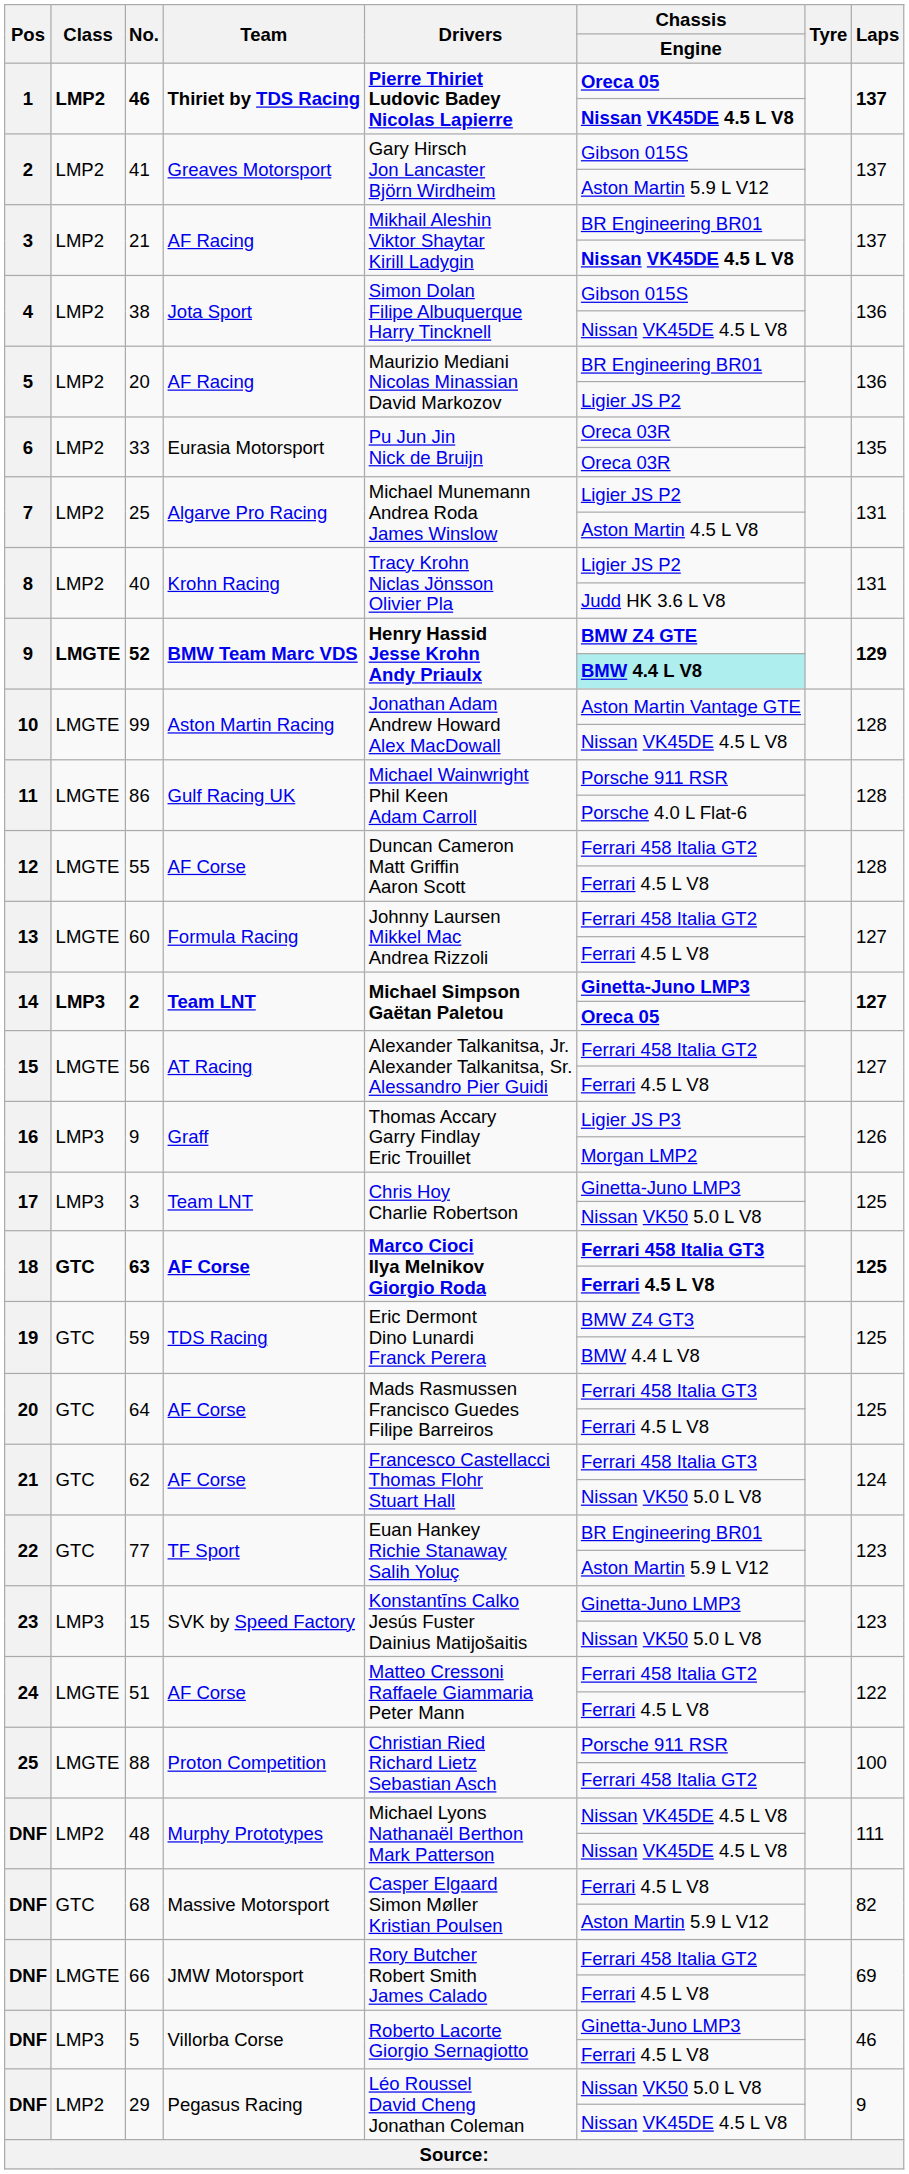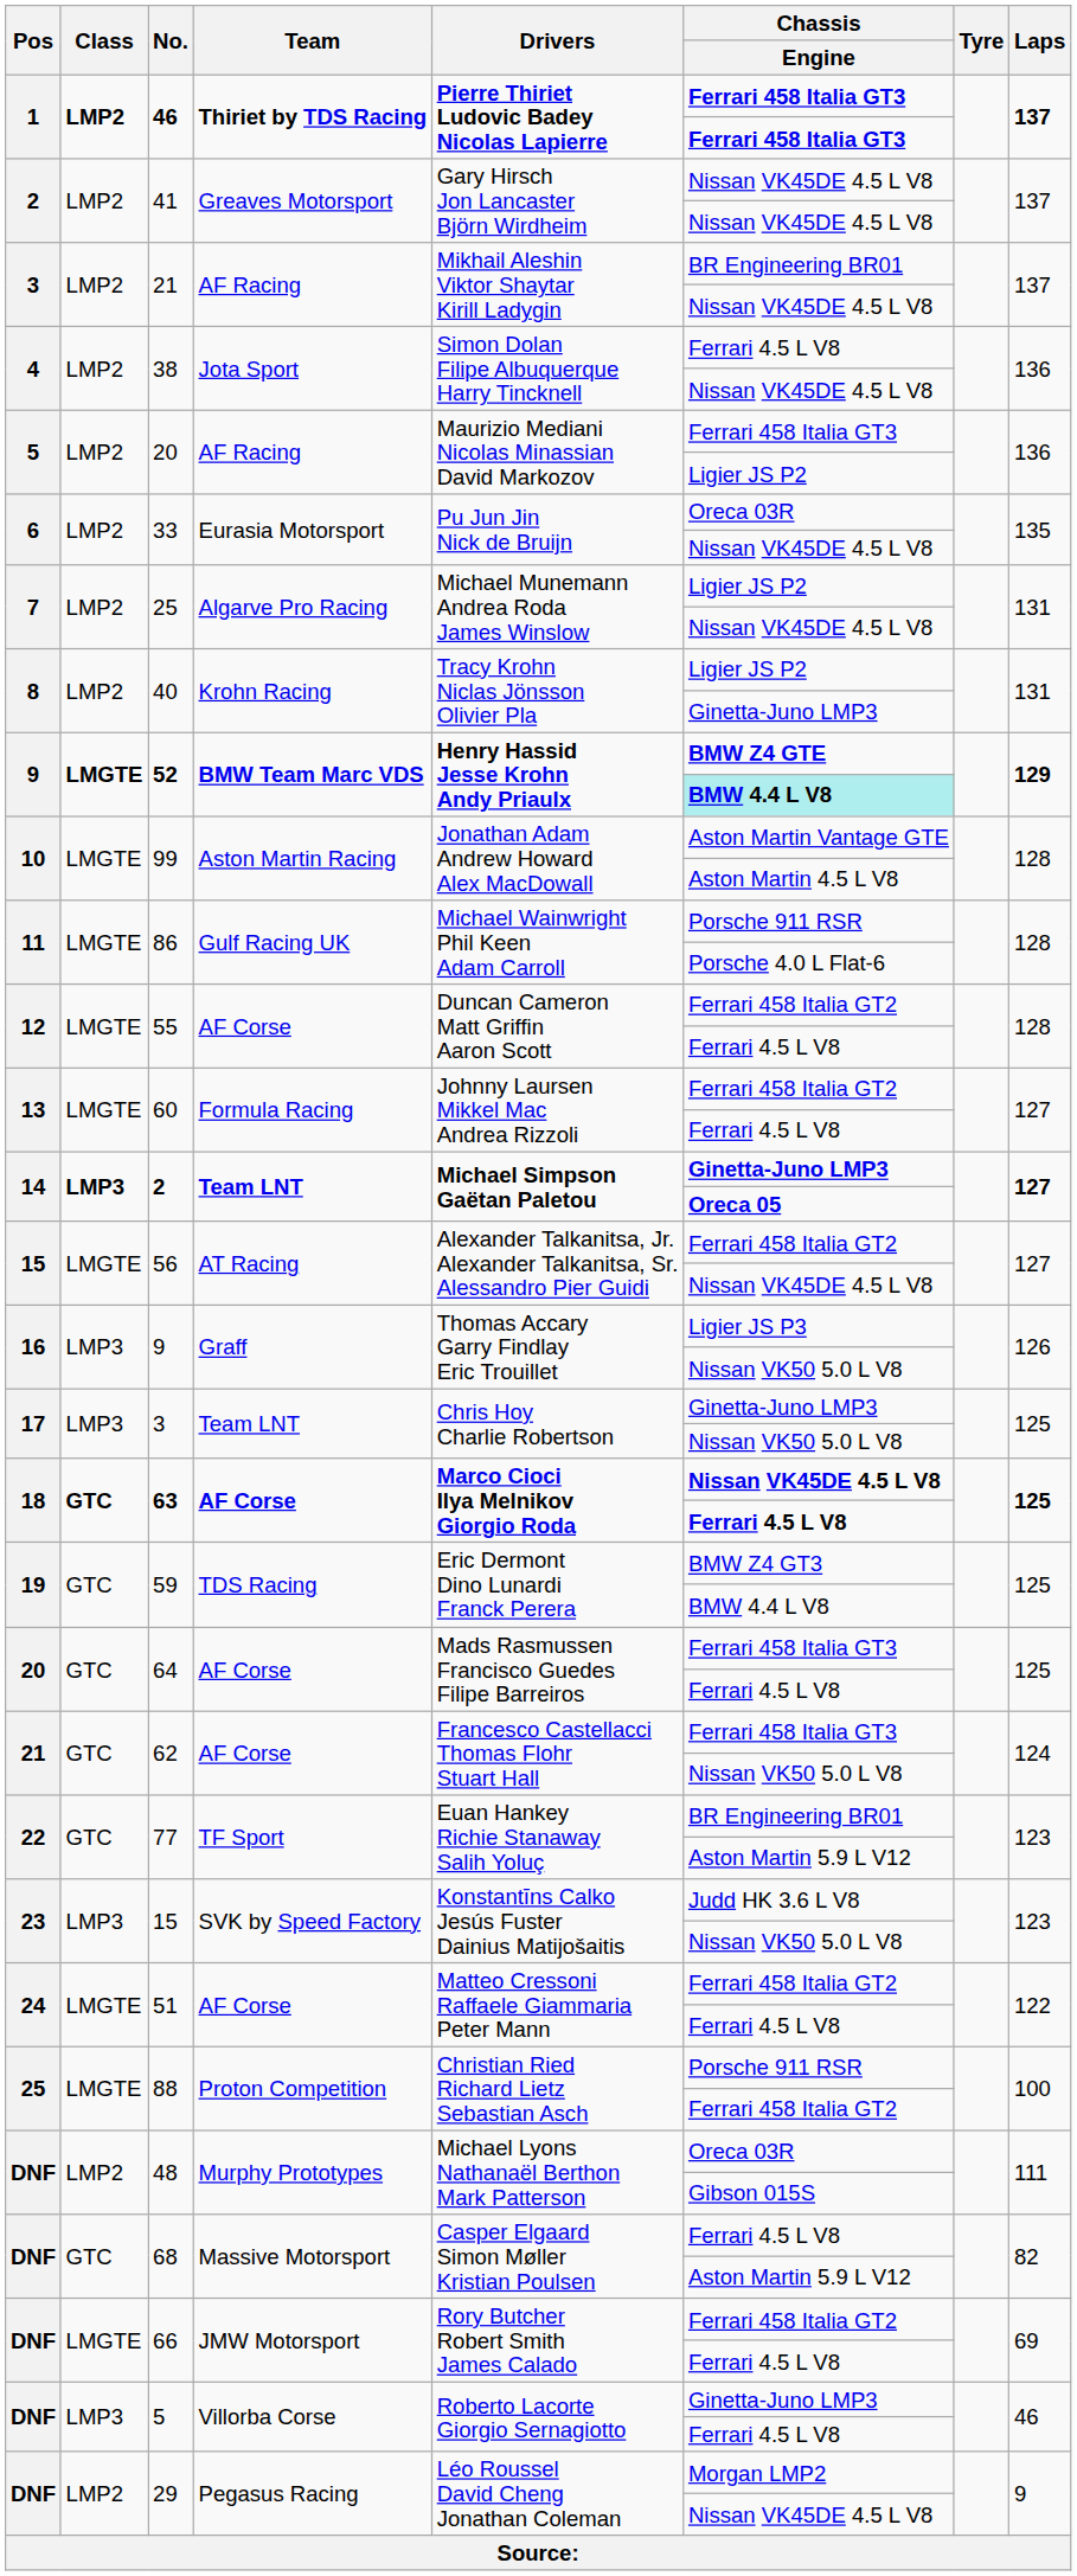 <table class="wikitable" style="font-size: 95%;">
 <tr>
 <th rowspan=2>Pos</th>
 <th rowspan=2>Class</th>
 <th rowspan=2>No.</th>
 <th rowspan=2>Team</th>
 <th rowspan=2>Drivers</th>
 <th>Chassis</th>
 <th rowspan=2>Tyre</th>
 <th rowspan=2>Laps</th>
 </tr>
 <tr>
 <th>Engine</th>
 </tr>
 <tr>
 <th rowspan=2>1</th>
 <td rowspan=2><strong>LMP2</strong></td>
 <td rowspan=2><strong>46</strong></td>
 <td rowspan=2><strong> Thiriet by <a href='#'>TDS Racing</a></strong></td>
 <td rowspan=2><strong> <a href='#'>Pierre Thiriet</a><br> Ludovic Badey<br> <a href='#'>Nicolas Lapierre</a></strong></td>
-<td><a href='#'><strong>Oreca 05</strong></a></td>
+<td><a href='#'><strong>Ferrari 458 Italia GT3</strong></a></td>
 <td rowspan=2></td>
 <td rowspan=2><strong>137</strong></td>
 </tr>
 <tr>
-<td><strong><a href='#'>Nissan</a> <a href='#'>VK45DE</a> 4.5 L V8</strong></td>
+<td><a href='#'><strong>Ferrari 458 Italia GT3</strong></a></td>
 </tr>
 <tr>
 <th rowspan=2>2</th>
 <td rowspan=2>LMP2</td>
 <td rowspan=2>41</td>
 <td rowspan=2> <a href='#'>Greaves Motorsport</a></td>
 <td rowspan=2> Gary Hirsch<br> <a href='#'>Jon Lancaster</a><br> <a href='#'>Björn Wirdheim</a></td>
-<td><a href='#'>Gibson 015S</a></td>
+<td><a href='#'>Nissan</a> <a href='#'>VK45DE</a> 4.5 L V8</td>
 <td rowspan=2></td>
 <td rowspan=2>137</td>
 </tr>
 <tr>
-<td><a href='#'>Aston Martin</a> 5.9 L V12</td>
+<td><a href='#'>Nissan</a> <a href='#'>VK45DE</a> 4.5 L V8</td>
 </tr>
 <tr>
 <th rowspan=2>3</th>
 <td rowspan=2>LMP2</td>
 <td rowspan=2>21</td>
 <td rowspan=2> <a href='#'>AF Racing</a></td>
 <td rowspan=2> <a href='#'>Mikhail Aleshin</a><br> <a href='#'>Viktor Shaytar</a><br> <a href='#'>Kirill Ladygin</a></td>
 <td><a href='#'>BR Engineering BR01</a></td>
 <td rowspan=2></td>
 <td rowspan=2>137</td>
 </tr>
 <tr>
-<td><strong><a href='#'>Nissan</a> <a href='#'>VK45DE</a> 4.5 L V8</strong></td>
+<td><a href='#'>Nissan</a> <a href='#'>VK45DE</a> 4.5 L V8</td>
 </tr>
 <tr>
 <th rowspan=2>4</th>
 <td rowspan=2>LMP2</td>
 <td rowspan=2>38</td>
 <td rowspan=2> <a href='#'>Jota Sport</a></td>
 <td rowspan=2> <a href='#'>Simon Dolan</a><br> <a href='#'>Filipe Albuquerque</a><br> <a href='#'>Harry Tincknell</a></td>
-<td><a href='#'>Gibson 015S</a></td>
+<td><a href='#'>Ferrari</a> 4.5 L V8</td>
 <td rowspan=2></td>
 <td rowspan=2>136</td>
 </tr>
 <tr>
 <td><a href='#'>Nissan</a> <a href='#'>VK45DE</a> 4.5 L V8</td>
 </tr>
 <tr>
 <th rowspan=2>5</th>
 <td rowspan=2>LMP2</td>
 <td rowspan=2>20</td>
 <td rowspan=2> <a href='#'>AF Racing</a></td>
 <td rowspan=2> Maurizio Mediani<br> <a href='#'>Nicolas Minassian</a><br> David Markozov</td>
-<td><a href='#'>BR Engineering BR01</a></td>
+<td><a href='#'>Ferrari 458 Italia GT3</a></td>
 <td rowspan=2></td>
 <td rowspan=2>136</td>
 </tr>
 <tr>
 <td><a href='#'>Ligier JS P2</a></td>
 </tr>
 <tr>
 <th rowspan=2>6</th>
 <td rowspan=2>LMP2</td>
 <td rowspan=2>33</td>
 <td rowspan=2> Eurasia Motorsport</td>
 <td rowspan=2> <a href='#'>Pu Jun Jin</a><br> <a href='#'>Nick de Bruijn</a></td>
 <td><a href='#'>Oreca 03R</a></td>
 <td rowspan=2></td>
 <td rowspan=2>135</td>
 </tr>
 <tr>
-<td><a href='#'>Oreca 03R</a></td>
+<td><a href='#'>Nissan</a> <a href='#'>VK45DE</a> 4.5 L V8</td>
 </tr>
 <tr>
 <th rowspan=2>7</th>
 <td rowspan=2>LMP2</td>
 <td rowspan=2>25</td>
 <td rowspan=2> <a href='#'>Algarve Pro Racing</a></td>
 <td rowspan=2> Michael Munemann<br> Andrea Roda<br> <a href='#'>James Winslow</a></td>
 <td><a href='#'>Ligier JS P2</a></td>
 <td rowspan=2></td>
 <td rowspan=2>131</td>
 </tr>
 <tr>
-<td><a href='#'>Aston Martin</a> 4.5 L V8</td>
+<td><a href='#'>Nissan</a> <a href='#'>VK45DE</a> 4.5 L V8</td>
 </tr>
 <tr>
 <th rowspan=2>8</th>
 <td rowspan=2>LMP2</td>
 <td rowspan=2>40</td>
 <td rowspan=2> <a href='#'>Krohn Racing</a></td>
 <td rowspan=2> <a href='#'>Tracy Krohn</a><br> <a href='#'>Niclas Jönsson</a><br> <a href='#'>Olivier Pla</a></td>
 <td><a href='#'>Ligier JS P2</a></td>
 <td rowspan=2></td>
 <td rowspan=2>131</td>
 </tr>
 <tr>
-<td><a href='#'>Judd</a> HK 3.6 L V8</td>
+<td><a href='#'>Ginetta-Juno LMP3</a></td>
 </tr>
 <tr>
 <th rowspan=2>9</th>
 <td rowspan=2><strong>LMGTE</strong></td>
 <td rowspan=2><strong>52</strong></td>
 <td rowspan=2><strong> <a href='#'>BMW Team Marc VDS</a></strong></td>
 <td rowspan=2><strong> Henry Hassid<br> <a href='#'>Jesse Krohn</a><br> <a href='#'>Andy Priaulx</a></strong></td>
 <td><a href='#'><strong>BMW Z4 GTE</strong></a></td>
 <td rowspan=2></td>
 <td rowspan=2><strong>129</strong></td>
 </tr>
 <tr>
 <td style="background: paleturquoise;"><strong><a href='#'>BMW</a> 4.4 L V8</strong></td>
 </tr>
 <tr>
 <th rowspan=2>10</th>
 <td rowspan=2>LMGTE</td>
 <td rowspan=2>99</td>
 <td rowspan=2> <a href='#'>Aston Martin Racing</a></td>
 <td rowspan=2> <a href='#'>Jonathan Adam</a><br> Andrew Howard<br> <a href='#'>Alex MacDowall</a></td>
 <td><a href='#'>Aston Martin Vantage GTE</a></td>
 <td rowspan=2></td>
 <td rowspan=2>128</td>
 </tr>
 <tr>
-<td><a href='#'>Nissan</a> <a href='#'>VK45DE</a> 4.5 L V8</td>
+<td><a href='#'>Aston Martin</a> 4.5 L V8</td>
 </tr>
 <tr>
 <th rowspan=2>11</th>
 <td rowspan=2>LMGTE</td>
 <td rowspan=2>86</td>
 <td rowspan=2> <a href='#'>Gulf Racing UK</a></td>
 <td rowspan=2> <a href='#'>Michael Wainwright</a><br> Phil Keen<br> <a href='#'>Adam Carroll</a></td>
 <td><a href='#'>Porsche 911 RSR</a></td>
 <td rowspan=2></td>
 <td rowspan=2>128</td>
 </tr>
 <tr>
 <td><a href='#'>Porsche</a> 4.0 L Flat-6</td>
 </tr>
 <tr>
 <th rowspan=2>12</th>
 <td rowspan=2>LMGTE</td>
 <td rowspan=2>55</td>
 <td rowspan=2> <a href='#'>AF Corse</a></td>
 <td rowspan=2> Duncan Cameron<br> Matt Griffin<br> Aaron Scott</td>
 <td><a href='#'>Ferrari 458 Italia GT2</a></td>
 <td rowspan=2></td>
 <td rowspan=2>128</td>
 </tr>
 <tr>
 <td><a href='#'>Ferrari</a> 4.5 L V8</td>
 </tr>
 <tr>
 <th rowspan=2>13</th>
 <td rowspan=2>LMGTE</td>
 <td rowspan=2>60</td>
 <td rowspan=2> <a href='#'>Formula Racing</a></td>
 <td rowspan=2> Johnny Laursen<br> <a href='#'>Mikkel Mac</a><br> Andrea Rizzoli</td>
 <td><a href='#'>Ferrari 458 Italia GT2</a></td>
 <td rowspan=2></td>
 <td rowspan=2>127</td>
 </tr>
 <tr>
 <td><a href='#'>Ferrari</a> 4.5 L V8</td>
 </tr>
 <tr>
 <th rowspan=2>14</th>
 <td rowspan=2><strong>LMP3</strong></td>
 <td rowspan=2><strong>2</strong></td>
 <td rowspan=2><strong> <a href='#'>Team LNT</a></strong></td>
 <td rowspan=2><strong> Michael Simpson<br> Gaëtan Paletou</strong></td>
 <td><a href='#'><strong>Ginetta-Juno LMP3</strong></a></td>
 <td rowspan=2></td>
 <td rowspan=2><strong>127</strong></td>
 </tr>
 <tr>
 <td><a href='#'><strong>Oreca 05</strong></a></td>
 </tr>
 <tr>
 <th rowspan=2>15</th>
 <td rowspan=2>LMGTE</td>
 <td rowspan=2>56</td>
 <td rowspan=2> <a href='#'>AT Racing</a></td>
 <td rowspan=2> Alexander Talkanitsa, Jr.<br> Alexander Talkanitsa, Sr.<br> <a href='#'>Alessandro Pier Guidi</a></td>
 <td><a href='#'>Ferrari 458 Italia GT2</a></td>
 <td rowspan=2></td>
 <td rowspan=2>127</td>
 </tr>
 <tr>
-<td><a href='#'>Ferrari</a> 4.5 L V8</td>
+<td><a href='#'>Nissan</a> <a href='#'>VK45DE</a> 4.5 L V8</td>
 </tr>
 <tr>
 <th rowspan=2>16</th>
 <td rowspan=2>LMP3</td>
 <td rowspan=2>9</td>
 <td rowspan=2> <a href='#'>Graff</a></td>
 <td rowspan=2> Thomas Accary<br> Garry Findlay<br> Eric Trouillet</td>
 <td><a href='#'>Ligier JS P3</a></td>
 <td rowspan=2></td>
 <td rowspan=2>126</td>
 </tr>
 <tr>
-<td><a href='#'>Morgan LMP2</a></td>
+<td><a href='#'>Nissan</a> <a href='#'>VK50</a> 5.0 L V8</td>
 </tr>
 <tr>
 <th rowspan=2>17</th>
 <td rowspan=2>LMP3</td>
 <td rowspan=2>3</td>
 <td rowspan=2> <a href='#'>Team LNT</a></td>
 <td rowspan=2> <a href='#'>Chris Hoy</a><br> Charlie Robertson</td>
 <td><a href='#'>Ginetta-Juno LMP3</a></td>
 <td rowspan=2></td>
 <td rowspan=2>125</td>
 </tr>
 <tr>
 <td><a href='#'>Nissan</a> <a href='#'>VK50</a> 5.0 L V8</td>
 </tr>
 <tr>
 <th rowspan=2>18</th>
 <td rowspan=2><strong>GTC</strong></td>
 <td rowspan=2><strong>63</strong></td>
 <td rowspan=2><strong> <a href='#'>AF Corse</a></strong></td>
 <td rowspan=2><strong> <a href='#'>Marco Cioci</a><br> Ilya Melnikov<br> <a href='#'>Giorgio Roda</a></strong></td>
-<td><a href='#'><strong>Ferrari 458 Italia GT3</strong></a></td>
+<td><strong><a href='#'>Nissan</a> <a href='#'>VK45DE</a> 4.5 L V8</strong></td>
 <td rowspan=2></td>
 <td rowspan=2><strong>125</strong></td>
 </tr>
 <tr>
 <td><strong><a href='#'>Ferrari</a> 4.5 L V8</strong></td>
 </tr>
 <tr>
 <th rowspan=2>19</th>
 <td rowspan=2>GTC</td>
 <td rowspan=2>59</td>
 <td rowspan=2> <a href='#'>TDS Racing</a></td>
 <td rowspan=2> Eric Dermont<br> Dino Lunardi<br> <a href='#'>Franck Perera</a></td>
 <td><a href='#'>BMW Z4 GT3</a></td>
 <td rowspan=2></td>
 <td rowspan=2>125</td>
 </tr>
 <tr>
 <td><a href='#'>BMW</a> 4.4 L V8</td>
 </tr>
 <tr>
 <th rowspan=2>20</th>
 <td rowspan=2>GTC</td>
 <td rowspan=2>64</td>
 <td rowspan=2> <a href='#'>AF Corse</a></td>
 <td rowspan=2> Mads Rasmussen<br> Francisco Guedes<br> Filipe Barreiros</td>
 <td><a href='#'>Ferrari 458 Italia GT3</a></td>
 <td rowspan=2></td>
 <td rowspan=2>125</td>
 </tr>
 <tr>
 <td><a href='#'>Ferrari</a> 4.5 L V8</td>
 </tr>
 <tr>
 <th rowspan=2>21</th>
 <td rowspan=2>GTC</td>
 <td rowspan=2>62</td>
 <td rowspan=2> <a href='#'>AF Corse</a></td>
 <td rowspan=2> <a href='#'>Francesco Castellacci</a><br> <a href='#'>Thomas Flohr</a><br> <a href='#'>Stuart Hall</a></td>
 <td><a href='#'>Ferrari 458 Italia GT3</a></td>
 <td rowspan=2></td>
 <td rowspan=2>124</td>
 </tr>
 <tr>
 <td><a href='#'>Nissan</a> <a href='#'>VK50</a> 5.0 L V8</td>
 </tr>
 <tr>
 <th rowspan=2>22</th>
 <td rowspan=2>GTC</td>
 <td rowspan=2>77</td>
 <td rowspan=2> <a href='#'>TF Sport</a></td>
 <td rowspan=2> Euan Hankey<br> <a href='#'>Richie Stanaway</a><br> <a href='#'>Salih Yoluç</a></td>
 <td><a href='#'>BR Engineering BR01</a></td>
 <td rowspan=2></td>
 <td rowspan=2>123</td>
 </tr>
 <tr>
 <td><a href='#'>Aston Martin</a> 5.9 L V12</td>
 </tr>
 <tr>
 <th rowspan=2>23</th>
 <td rowspan=2>LMP3</td>
 <td rowspan=2>15</td>
 <td rowspan=2> SVK by <a href='#'>Speed Factory</a></td>
 <td rowspan=2> <a href='#'>Konstantīns Calko</a><br> Jesús Fuster<br> Dainius Matijošaitis</td>
-<td><a href='#'>Ginetta-Juno LMP3</a></td>
+<td><a href='#'>Judd</a> HK 3.6 L V8</td>
 <td rowspan=2></td>
 <td rowspan=2>123</td>
 </tr>
 <tr>
 <td><a href='#'>Nissan</a> <a href='#'>VK50</a> 5.0 L V8</td>
 </tr>
 <tr>
 <th rowspan=2>24</th>
 <td rowspan=2>LMGTE</td>
 <td rowspan=2>51</td>
 <td rowspan=2> <a href='#'>AF Corse</a></td>
 <td rowspan=2> <a href='#'>Matteo Cressoni</a><br> <a href='#'>Raffaele Giammaria</a><br> Peter Mann</td>
 <td><a href='#'>Ferrari 458 Italia GT2</a></td>
 <td rowspan=2></td>
 <td rowspan=2>122</td>
 </tr>
 <tr>
 <td><a href='#'>Ferrari</a> 4.5 L V8</td>
 </tr>
 <tr>
 <th rowspan=2>25</th>
 <td rowspan=2>LMGTE</td>
 <td rowspan=2>88</td>
 <td rowspan=2> <a href='#'>Proton Competition</a></td>
 <td rowspan=2> <a href='#'>Christian Ried</a><br> <a href='#'>Richard Lietz</a><br> <a href='#'>Sebastian Asch</a></td>
 <td><a href='#'>Porsche 911 RSR</a></td>
 <td rowspan=2></td>
 <td rowspan=2>100</td>
 </tr>
 <tr>
 <td><a href='#'>Ferrari 458 Italia GT2</a></td>
 </tr>
 <tr>
 <th rowspan="2">DNF</th>
 <td rowspan="2">LMP2</td>
 <td rowspan="2">48</td>
 <td rowspan="2"> <a href='#'>Murphy Prototypes</a></td>
 <td rowspan="2"> Michael Lyons<br> <a href='#'>Nathanaël Berthon</a><br> <a href='#'>Mark Patterson</a></td>
-<td><a href='#'>Nissan</a> <a href='#'>VK45DE</a> 4.5 L V8</td>
+<td><a href='#'>Oreca 03R</a></td>
 <td rowspan="2"></td>
 <td rowspan="2">111</td>
 </tr>
 <tr>
-<td><a href='#'>Nissan</a> <a href='#'>VK45DE</a> 4.5 L V8</td>
+<td><a href='#'>Gibson 015S</a></td>
 </tr>
 <tr>
 <th rowspan=2>DNF</th>
 <td rowspan=2>GTC</td>
 <td rowspan=2>68</td>
 <td rowspan=2> Massive Motorsport</td>
 <td rowspan=2> <a href='#'>Casper Elgaard</a><br> Simon Møller<br> <a href='#'>Kristian Poulsen</a></td>
 <td><a href='#'>Ferrari</a> 4.5 L V8</td>
 <td rowspan=2></td>
 <td rowspan=2>82</td>
 </tr>
 <tr>
 <td><a href='#'>Aston Martin</a> 5.9 L V12</td>
 </tr>
 <tr>
 <th rowspan="2">DNF</th>
 <td rowspan="2">LMGTE</td>
 <td rowspan="2">66</td>
 <td rowspan="2"> JMW Motorsport</td>
 <td rowspan="2"> <a href='#'>Rory Butcher</a><br> Robert Smith<br> <a href='#'>James Calado</a></td>
 <td><a href='#'>Ferrari 458 Italia GT2</a></td>
 <td rowspan="2"></td>
 <td rowspan="2">69</td>
 </tr>
 <tr>
 <td><a href='#'>Ferrari</a> 4.5 L V8</td>
 </tr>
 <tr>
 <th rowspan="2">DNF</th>
 <td rowspan="2">LMP3</td>
 <td rowspan="2">5</td>
 <td rowspan="2"> Villorba Corse</td>
 <td rowspan="2"> <a href='#'>Roberto Lacorte</a><br> <a href='#'>Giorgio Sernagiotto</a></td>
 <td><a href='#'>Ginetta-Juno LMP3</a></td>
 <td rowspan="2"></td>
 <td rowspan="2">46</td>
 </tr>
 <tr>
 <td><a href='#'>Ferrari</a> 4.5 L V8</td>
 </tr>
 <tr>
 <th rowspan="2">DNF</th>
 <td rowspan="2">LMP2</td>
 <td rowspan="2">29</td>
 <td rowspan="2"> Pegasus Racing</td>
 <td rowspan="2"> <a href='#'>Léo Roussel</a><br> <a href='#'>David Cheng</a><br> Jonathan Coleman</td>
-<td><a href='#'>Nissan</a> <a href='#'>VK50</a> 5.0 L V8</td>
+<td><a href='#'>Morgan LMP2</a></td>
 <td rowspan="2"></td>
 <td rowspan="2">9</td>
 </tr>
 <tr>
 <td><a href='#'>Nissan</a> <a href='#'>VK45DE</a> 4.5 L V8</td>
 </tr>
 <tr>
 <th colspan="8">Source:</th>
 </tr>
 </table>
